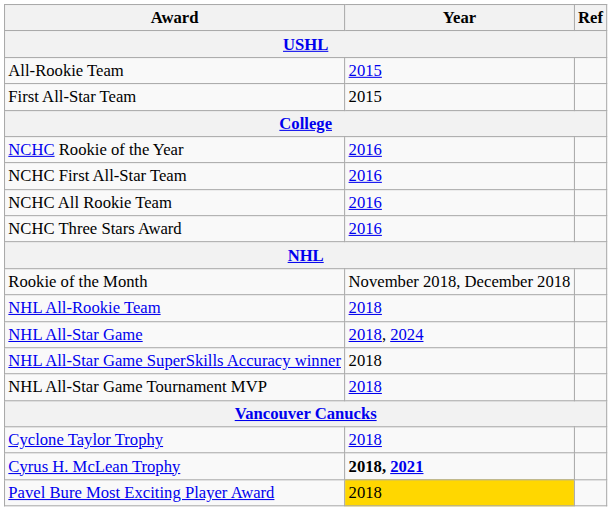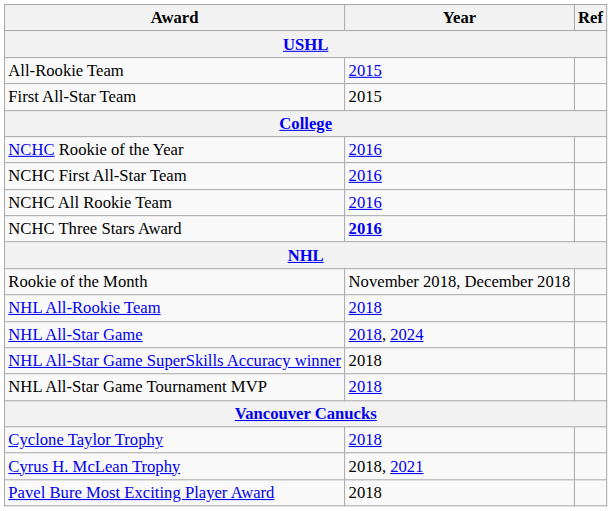 <table class="wikitable">
 <tr>
 <th>Award</th>
 <th>Year</th>
 <th>Ref</th>
 </tr>
 <tr>
 <th colspan="3"><a href='#'>USHL</a></th>
 </tr>
 <tr>
 <td>All-Rookie Team</td>
 <td><a href='#'>2015</a></td>
 <td></td>
 </tr>
 <tr>
 <td>First All-Star Team</td>
 <td>2015</td>
 <td></td>
 </tr>
 <tr>
 <th colspan="3"><a href='#'>College</a></th>
 </tr>
 <tr>
 <td><a href='#'>NCHC</a> Rookie of the Year</td>
 <td><a href='#'>2016</a></td>
 <td></td>
 </tr>
 <tr>
 <td>NCHC First All-Star Team</td>
 <td><a href='#'>2016</a></td>
 <td></td>
 </tr>
 <tr>
 <td>NCHC All Rookie Team</td>
 <td><a href='#'>2016</a></td>
 <td></td>
 </tr>
 <tr>
 <td>NCHC Three Stars Award</td>
-<td><a href='#'>2016</a></td>
+<td><strong><a href='#'>2016</a></strong></td>
 <td></td>
 </tr>
 <tr>
 <th colspan="3"><a href='#'>NHL</a></th>
 </tr>
 <tr>
 <td>Rookie of the Month</td>
 <td>November 2018, December 2018</td>
 <td></td>
 </tr>
 <tr>
 <td><a href='#'>NHL All-Rookie Team</a></td>
 <td><a href='#'>2018</a></td>
 <td></td>
 </tr>
 <tr>
 <td><a href='#'>NHL All-Star Game</a></td>
 <td><a href='#'>2018</a>, <a href='#'>2024</a></td>
 <td></td>
 </tr>
 <tr>
 <td><a href='#'>NHL All-Star Game SuperSkills Accuracy winner</a></td>
 <td>2018</td>
 <td></td>
 </tr>
 <tr>
 <td>NHL All-Star Game Tournament MVP</td>
 <td><a href='#'>2018</a></td>
 <td></td>
 </tr>
 <tr>
 <th colspan="3"><a href='#'>Vancouver Canucks</a></th>
 </tr>
 <tr>
 <td><a href='#'>Cyclone Taylor Trophy</a></td>
 <td><a href='#'>2018</a></td>
 <td></td>
 </tr>
 <tr>
 <td><a href='#'>Cyrus H. McLean Trophy</a></td>
-<td><strong>2018, <a href='#'>2021</a></strong></td>
+<td>2018, <a href='#'>2021</a></td>
 <td></td>
 </tr>
 <tr>
 <td><a href='#'>Pavel Bure Most Exciting Player Award</a></td>
-<td style="background: gold;">2018</td>
+<td>2018</td>
 <td></td>
 </tr>
 </table>
